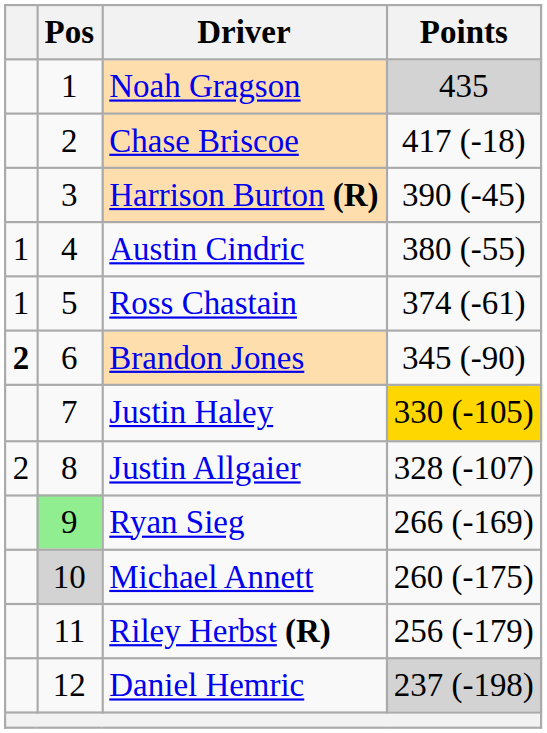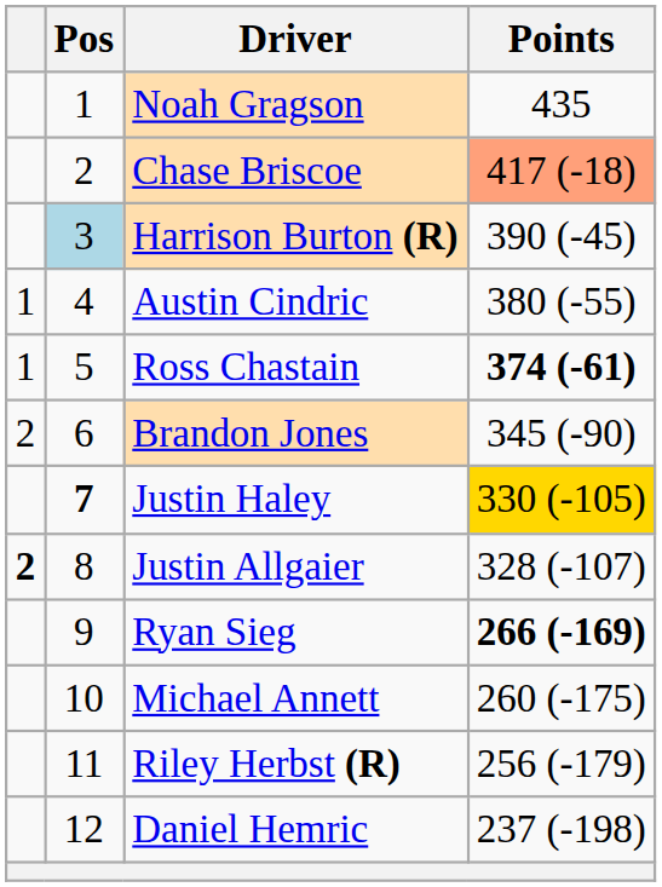 <table class="wikitable" style="font-size: 95%;">
 <tr>
 <th></th>
 <th>Pos</th>
 <th>Driver</th>
 <th>Points</th>
 </tr>
 <tr>
 <td align="left"></td>
 <td style="text-align:center;">1</td>
 <td style="background:#FFDEAD;"><a href='#'>Noah Gragson</a></td>
-<td style="background: lightgrey; text-align:center;">435</td>
+<td style="text-align:center;">435</td>
 </tr>
 <tr>
 <td align="left"></td>
 <td style="text-align:center;">2</td>
 <td style="background:#FFDEAD;"><a href='#'>Chase Briscoe</a></td>
-<td style="text-align:center;">417 (-18)</td>
+<td style="background: lightsalmon; text-align:center;">417 (-18)</td>
 </tr>
 <tr>
 <td align="left"></td>
-<td style="text-align:center;">3</td>
+<td style="background: lightblue; text-align:center;">3</td>
 <td style="background:#FFDEAD;"><a href='#'>Harrison Burton</a> <strong>(R)</strong></td>
 <td style="text-align:center;">390 (-45)</td>
 </tr>
 <tr>
 <td align="left"> 1</td>
 <td style="text-align:center;">4</td>
 <td><a href='#'>Austin Cindric</a></td>
 <td style="text-align:center;">380 (-55)</td>
 </tr>
 <tr>
 <td align="left"> 1</td>
 <td style="text-align:center;">5</td>
 <td><a href='#'>Ross Chastain</a></td>
-<td style="text-align:center;">374 (-61)</td>
+<td style="text-align:center;"><strong>374 (-61)</strong></td>
 </tr>
 <tr>
-<td align="left"><strong> 2</strong></td>
+<td align="left"> 2</td>
 <td style="text-align:center;">6</td>
 <td style="background:#FFDEAD;"><a href='#'>Brandon Jones</a></td>
 <td style="text-align:center;">345 (-90)</td>
 </tr>
 <tr>
 <td align="left"></td>
-<td style="text-align:center;">7</td>
+<td style="text-align:center;"><strong>7</strong></td>
 <td><a href='#'>Justin Haley</a></td>
 <td style="background: gold; text-align:center;">330 (-105)</td>
 </tr>
 <tr>
-<td align="left"> 2</td>
+<td align="left"><strong> 2</strong></td>
 <td style="text-align:center;">8</td>
 <td><a href='#'>Justin Allgaier</a></td>
 <td style="text-align:center;">328 (-107)</td>
 </tr>
 <tr>
 <td align="left"></td>
-<td style="background: lightgreen; text-align:center;">9</td>
+<td style="text-align:center;">9</td>
 <td><a href='#'>Ryan Sieg</a></td>
-<td style="text-align:center;">266 (-169)</td>
+<td style="text-align:center;"><strong>266 (-169)</strong></td>
 </tr>
 <tr>
 <td align="left"></td>
-<td style="background: lightgrey; text-align:center;">10</td>
+<td style="text-align:center;">10</td>
 <td><a href='#'>Michael Annett</a></td>
 <td style="text-align:center;">260 (-175)</td>
 </tr>
 <tr>
 <td align="left"></td>
 <td style="text-align:center;">11</td>
 <td><a href='#'>Riley Herbst</a> <strong>(R)</strong></td>
 <td style="text-align:center;">256 (-179)</td>
 </tr>
 <tr>
 <td align="left"></td>
 <td style="text-align:center;">12</td>
 <td><a href='#'>Daniel Hemric</a></td>
-<td style="background: lightgrey; text-align:center;">237 (-198)</td>
+<td style="text-align:center;">237 (-198)</td>
 </tr>
 <tr class="sortbottom">
 <th colspan="4"></th>
 </tr>
 </table>
